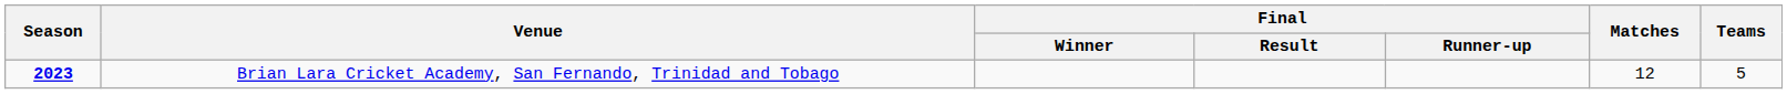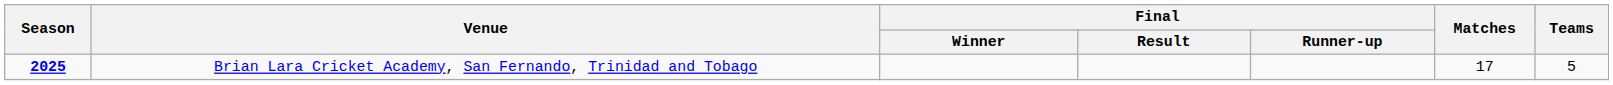 <table class="wikitable" style="font-size:90%; width: 100%; text-align: center;">
 <tr>
 <th rowspan=2>Season</th>
 <th rowspan=2>Venue</th>
 <th colspan=3>Final</th>
 <th rowspan=2>Matches</th>
 <th rowspan=2>Teams</th>
 </tr>
 <tr>
 <th width=150>Winner</th>
 <th width=130>Result</th>
 <th width=140>Runner-up</th>
 </tr>
 <tr>
-<td><a href='#'><strong>2023</strong></a></td>
+<td><a href='#'><strong>2025</strong></a></td>
 <td><a href='#'>Brian Lara Cricket Academy</a>, <a href='#'>San Fernando</a>, <a href='#'>Trinidad and Tobago</a></td>
 <td></td>
 <td></td>
 <td></td>
-<td>12</td>
+<td>17</td>
 <td>5</td>
 </tr>
 </table>
